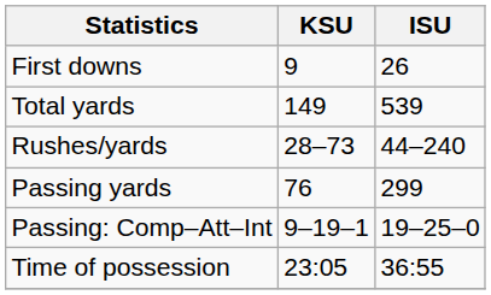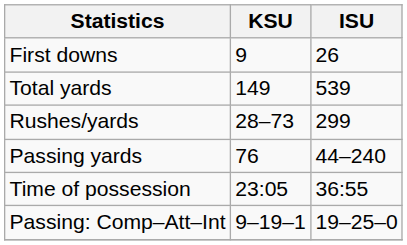 <table class="wikitable" style="float: left;">
 <tr>
 <th>Statistics</th>
 <th>KSU</th>
 <th>ISU</th>
 </tr>
 <tr>
 <td>First downs</td>
 <td>9</td>
 <td>26</td>
 </tr>
 <tr>
 <td>Total yards</td>
 <td>149</td>
 <td>539</td>
 </tr>
 <tr>
 <td>Rushes/yards</td>
 <td>28–73</td>
-<td>44–240</td>
+<td>299</td>
 </tr>
 <tr>
 <td>Passing yards</td>
 <td>76</td>
-<td>299</td>
+<td>44–240</td>
+</tr>
+<tr>
+<td>Time of possession</td>
+<td>23:05</td>
+<td>36:55</td>
 </tr>
 <tr>
 <td>Passing: Comp–Att–Int</td>
 <td>9–19–1</td>
 <td>19–25–0</td>
 </tr>
 <tr>
-<td>Time of possession</td>
-<td>23:05</td>
-<td>36:55</td>
-</tr>
-<tr>
 </tr>
 </table>
